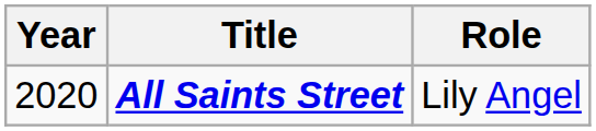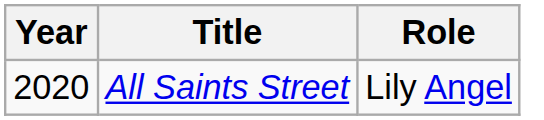 <table class="wikitable" style="font-size: 90%;">
 <tr>
 <th>Year</th>
 <th>Title</th>
 <th>Role</th>
 </tr>
 <tr>
 <td>2020</td>
-<td><strong><em><a href='#'>All Saints Street</a></em></strong></td>
+<td><em><a href='#'>All Saints Street</a></em></td>
 <td>Lily <a href='#'>Angel</a></td>
 </tr>
 </table>
